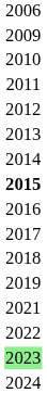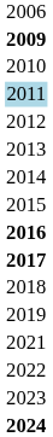 <table>
 <tr>
 <td align="center">2006</td>
 <td></td>
 <td></td>
 <td><br></td>
 </tr>
 <tr>
-<td align="center">2009</td>
+<td align="center"><strong>2009</strong></td>
 <td></td>
 <td></td>
 <td></td>
 </tr>
 <tr>
 <td align="center">2010</td>
 <td></td>
 <td></td>
 <td></td>
 </tr>
 <tr>
-<td align="center">2011</td>
+<td align="center" style="background: lightblue;">2011</td>
 <td></td>
 <td></td>
 <td></td>
 </tr>
 <tr>
 <td align="center">2012</td>
 <td></td>
 <td></td>
 <td></td>
 </tr>
 <tr>
 <td align="center">2013</td>
 <td></td>
 <td></td>
 <td></td>
 </tr>
 <tr>
 <td align="center">2014</td>
 <td></td>
 <td></td>
 <td></td>
 </tr>
 <tr>
-<td align="center"><strong>2015</strong></td>
+<td align="center">2015</td>
 <td></td>
 <td></td>
 <td></td>
 </tr>
 <tr>
-<td align="center">2016</td>
+<td align="center"><strong>2016</strong></td>
 <td></td>
 <td></td>
 <td></td>
 </tr>
 <tr>
-<td align="center">2017</td>
+<td align="center"><strong>2017</strong></td>
 <td></td>
 <td></td>
 <td></td>
 </tr>
 <tr>
 <td align="center">2018</td>
 <td></td>
 <td></td>
 <td></td>
 </tr>
 <tr>
 <td align="center">2019</td>
 <td></td>
 <td></td>
 <td></td>
 </tr>
 <tr>
 <td align="center">2021</td>
 <td></td>
 <td></td>
 <td></td>
 </tr>
 <tr>
 <td align="center">2022</td>
 <td></td>
 <td></td>
 <td></td>
 </tr>
 <tr>
-<td align="center" style="background: lightgreen;">2023</td>
+<td align="center">2023</td>
 <td></td>
 <td></td>
 <td></td>
 </tr>
 <tr>
-<td align="center">2024</td>
+<td align="center"><strong>2024</strong></td>
 <td></td>
 <td></td>
 <td></td>
 </tr>
 </table>
